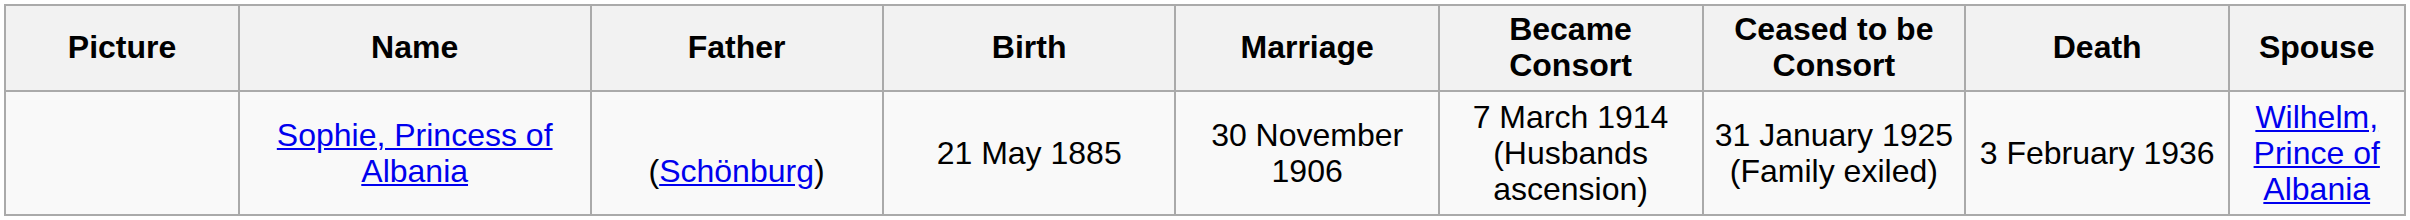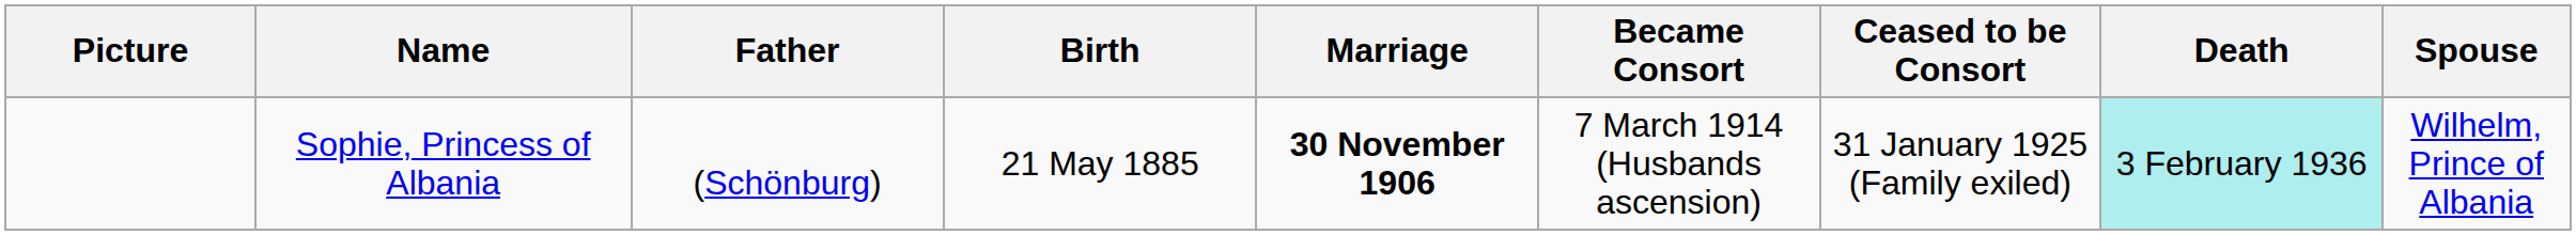 <table width=95% class="wikitable">
 <tr>
 <th width = "8%">Picture</th>
 <th width = "12%">Name</th>
 <th width = "10%">Father</th>
 <th width = "10%">Birth</th>
 <th width = "9%">Marriage</th>
 <th width = "9%">Became Consort</th>
 <th width = "9%">Ceased to be Consort</th>
 <th width = "9%">Death</th>
 <th width = "6%">Spouse</th>
 </tr>
 <tr>
 <td align="center"></td>
 <td align="center"><a href='#'>Sophie, Princess of Albania</a></td>
 <td align=center><br>(<a href='#'>Schönburg</a>)</td>
 <td align="center">21 May 1885</td>
-<td align="center">30 November 1906</td>
+<td align="center"><strong>30 November 1906</strong></td>
 <td align="center">7 March 1914<br>(Husbands ascension)</td>
 <td align="center">31 January 1925 (Family exiled)</td>
-<td align="center">3 February 1936</td>
+<td align="center" style="background: paleturquoise;">3 February 1936</td>
 <td align="center"><a href='#'>Wilhelm, Prince of Albania</a></td>
 </tr>
 <tr>
 </tr>
 </table>
